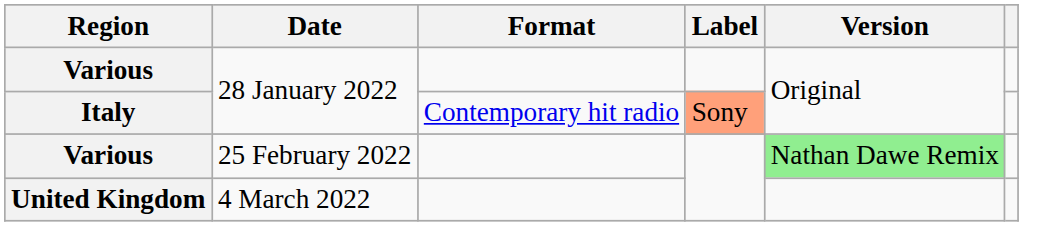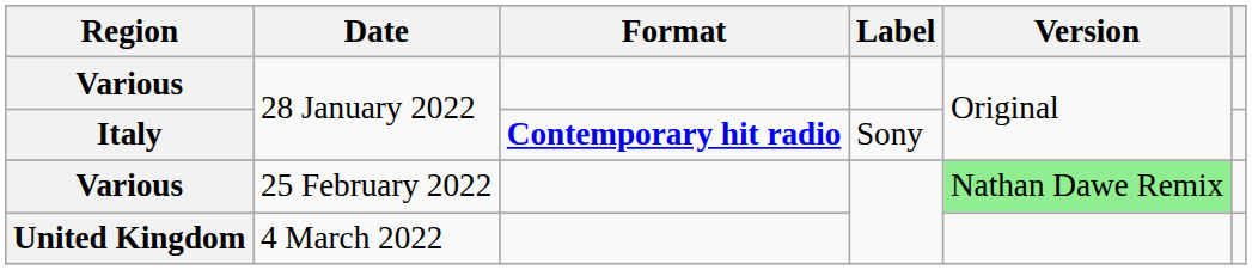 <table class="wikitable plainrowheaders">
 <tr>
 <th scope="col">Region</th>
 <th scope="col">Date</th>
 <th scope="col">Format</th>
 <th scope="col">Label</th>
 <th scope="col">Version</th>
 <th scope="col"></th>
 </tr>
 <tr>
 <th scope="row">Various</th>
 <td rowspan="2">28 January 2022</td>
 <td></td>
 <td></td>
 <td rowspan="2">Original</td>
 <td></td>
 </tr>
 <tr>
 <th scope="row">Italy</th>
-<td><a href='#'>Contemporary hit radio</a></td>
-<td style="background: lightsalmon;">Sony</td>
+<td><strong><a href='#'>Contemporary hit radio</a></strong></td>
+<td>Sony</td>
 <td></td>
 </tr>
 <tr>
 <th scope="row">Various</th>
 <td>25 February 2022</td>
 <td></td>
 <td rowspan="2"></td>
 <td style="background: lightgreen;">Nathan Dawe Remix</td>
 <td></td>
 </tr>
 <tr>
 <th scope="row">United Kingdom</th>
 <td>4 March 2022</td>
 <td></td>
 <td></td>
 <td></td>
 </tr>
 </table>
